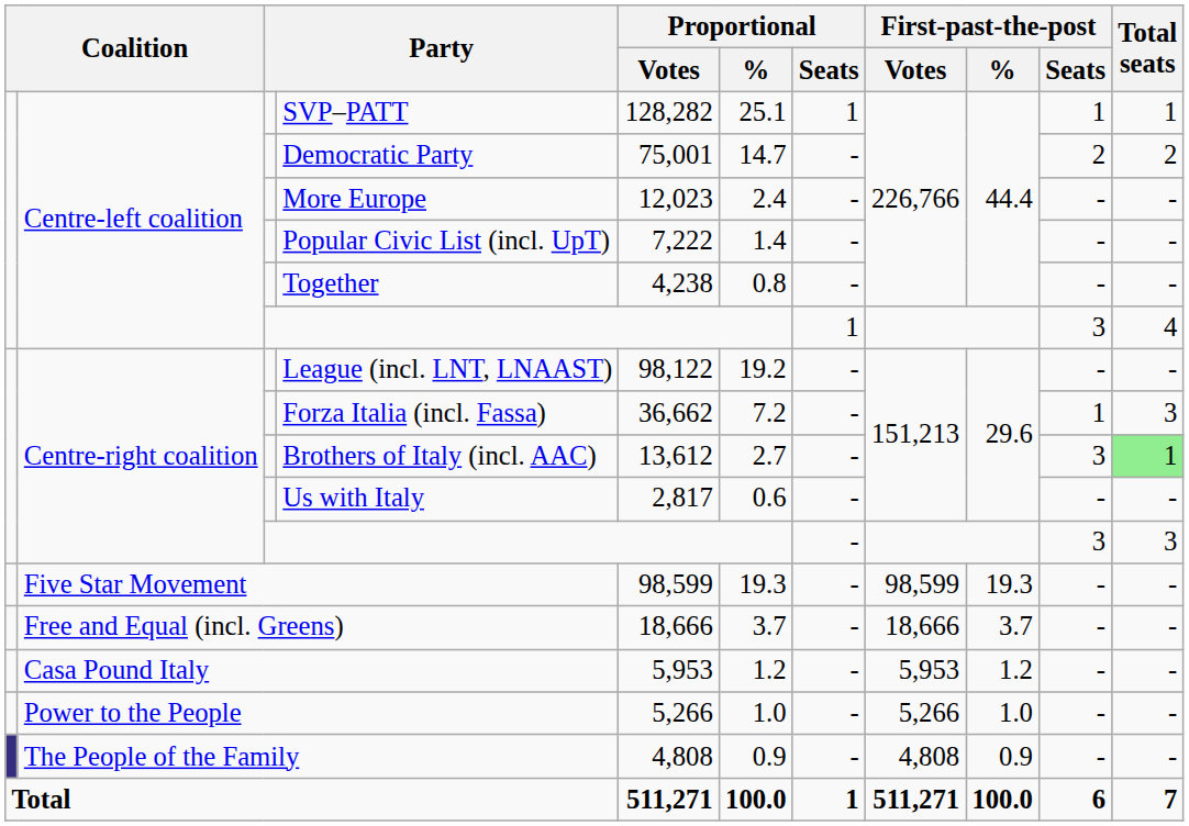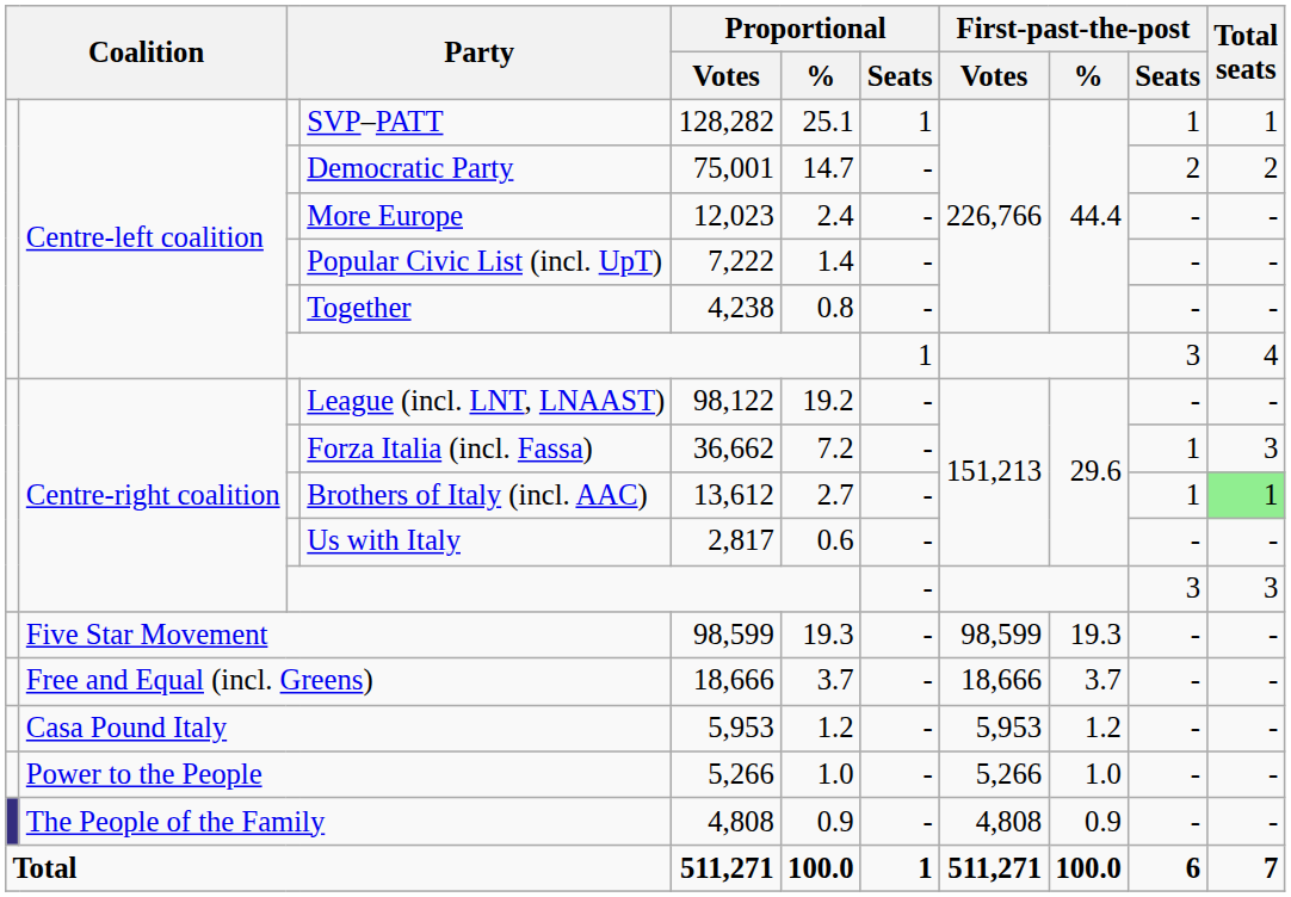 <table class="wikitable" style="text-align:right">
 <tr>
 <th colspan="2" rowspan="2">Coalition</th>
 <th colspan=2 rowspan=2>Party</th>
 <th colspan="3"  style="text-align:center; vertical-align:top;">Proportional</th>
 <th colspan="3"  style="text-align:center; vertical-align:top;">First-past-the-post</th>
 <th style="text-align:center;" rowspan="2">Total<br>seats</th>
 </tr>
 <tr>
 <th style="text-align:center; vertical-align:bottom;">Votes</th>
 <th style="text-align:center; vertical-align:bottom;">%</th>
 <th style="text-align:center; vertical-align:bottom;">Seats</th>
 <th style="text-align:center; vertical-align:bottom;">Votes</th>
 <th style="text-align:center; vertical-align:bottom;">%</th>
 <th style="text-align:center; vertical-align:bottom;">Seats</th>
 </tr>
 <tr>
 <td rowspan="6"></td>
 <td style="text-align:left;" rowspan="6"><a href='#'>Centre-left coalition</a></td>
 <td></td>
 <td style="text-align:left;"><a href='#'>SVP</a>–<a href='#'>PATT</a></td>
 <td>128,282</td>
 <td>25.1</td>
 <td>1</td>
 <td rowspan="5">226,766</td>
 <td rowspan="5">44.4</td>
 <td>1</td>
 <td>1</td>
 </tr>
 <tr>
 <td></td>
 <td align=left><a href='#'>Democratic Party</a></td>
 <td>75,001</td>
 <td>14.7</td>
 <td>-</td>
 <td>2</td>
 <td>2</td>
 </tr>
 <tr>
 <td></td>
 <td style="text-align:left;"><a href='#'>More Europe</a></td>
 <td>12,023</td>
 <td>2.4</td>
 <td>-</td>
 <td>-</td>
 <td>-</td>
 </tr>
 <tr>
 <td></td>
 <td style="text-align:left;"><a href='#'>Popular Civic List</a> (incl. <a href='#'>UpT</a>)</td>
 <td>7,222</td>
 <td>1.4</td>
 <td>-</td>
 <td>-</td>
 <td>-</td>
 </tr>
 <tr>
 <td></td>
 <td style="text-align:left;"><a href='#'>Together</a></td>
 <td>4,238</td>
 <td>0.8</td>
 <td>-</td>
 <td>-</td>
 <td>-</td>
 </tr>
 <tr>
 <td colspan="4" style="text-align:left;"></td>
 <td>1</td>
 <td colspan="2"></td>
 <td>3</td>
 <td>4</td>
 </tr>
 <tr>
 <td rowspan="5"></td>
 <td style="text-align:left;" rowspan="5"><a href='#'>Centre-right coalition</a></td>
 <td></td>
 <td align=left><a href='#'>League</a> (incl. <a href='#'>LNT</a>, <a href='#'>LNAAST</a>)</td>
 <td>98,122</td>
 <td>19.2</td>
 <td>-</td>
 <td rowspan="4">151,213</td>
 <td rowspan="4">29.6</td>
 <td>-</td>
 <td>-</td>
 </tr>
 <tr>
 <td></td>
 <td align=left><a href='#'>Forza Italia</a> (incl. <a href='#'>Fassa</a>)</td>
 <td>36,662</td>
 <td>7.2</td>
 <td>-</td>
 <td>1</td>
 <td>3</td>
 </tr>
 <tr>
 <td></td>
 <td align=left><a href='#'>Brothers of Italy</a> (incl. <a href='#'>AAC</a>)</td>
 <td>13,612</td>
 <td>2.7</td>
 <td>-</td>
-<td>3</td>
+<td>1</td>
 <td style="background: lightgreen;">1</td>
 </tr>
 <tr>
 <td></td>
 <td align=left><a href='#'>Us with Italy</a></td>
 <td>2,817</td>
 <td>0.6</td>
 <td>-</td>
 <td>-</td>
 <td>-</td>
 </tr>
 <tr>
 <td colspan="4" style="text-align:left;"></td>
 <td>-</td>
 <td colspan="2"></td>
 <td>3</td>
 <td>3</td>
 </tr>
 <tr 、>
 <td style="background:"></td>
 <td colspan="3" style="text-align:left;"><a href='#'>Five Star Movement</a></td>
 <td>98,599</td>
 <td>19.3</td>
 <td>-</td>
 <td>98,599</td>
 <td>19.3</td>
 <td>-</td>
 <td>-</td>
 </tr>
 <tr>
 <td style="background:"></td>
 <td colspan="3" style="text-align:left;"><a href='#'>Free and Equal</a> (incl. <a href='#'>Greens</a>)</td>
 <td>18,666</td>
 <td>3.7</td>
 <td>-</td>
 <td>18,666</td>
 <td>3.7</td>
 <td>-</td>
 <td>-</td>
 </tr>
 <tr>
 <td style="background:"></td>
 <td colspan="3" style="text-align:left;"><a href='#'>Casa Pound Italy</a></td>
 <td>5,953</td>
 <td>1.2</td>
 <td>-</td>
 <td>5,953</td>
 <td>1.2</td>
 <td>-</td>
 <td>-</td>
 </tr>
 <tr>
 <td style="background:"></td>
 <td colspan="3" style="text-align:left;"><a href='#'>Power to the People</a></td>
 <td>5,266</td>
 <td>1.0</td>
 <td>-</td>
 <td>5,266</td>
 <td>1.0</td>
 <td>-</td>
 <td>-</td>
 </tr>
 <tr>
 <td style="background:#342d7e;"></td>
 <td colspan="3" style="text-align:left;"><a href='#'>The People of the Family</a></td>
 <td>4,808</td>
 <td>0.9</td>
 <td>-</td>
 <td>4,808</td>
 <td>0.9</td>
 <td>-</td>
 <td>-</td>
 </tr>
 <tr>
 <td colspan="4" style="text-align:left;"><strong>Total</strong></td>
 <td><strong>511,271</strong></td>
 <td><strong>100.0</strong></td>
 <td><strong>1</strong></td>
 <td><strong>511,271</strong></td>
 <td><strong>100.0</strong></td>
 <td><strong>6</strong></td>
 <td><strong>7</strong></td>
 </tr>
 </table>
